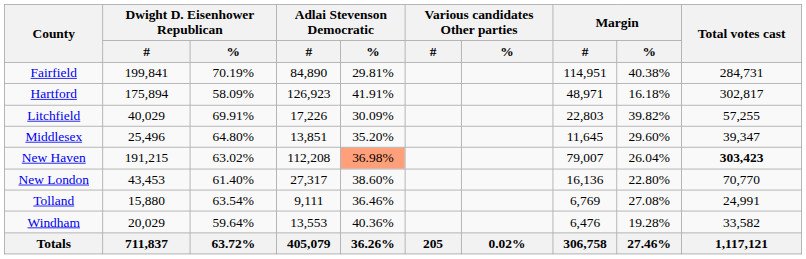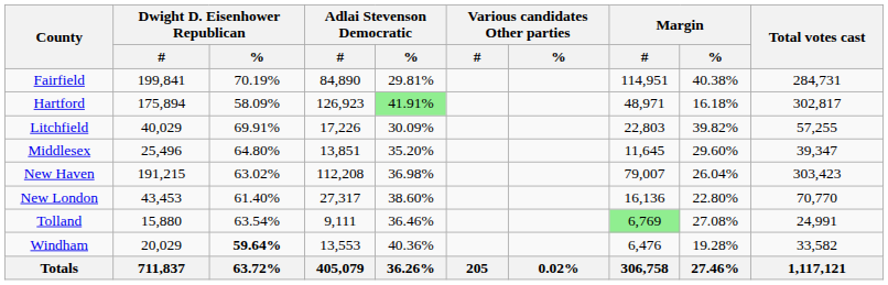 <table width="60%"  class="wikitable sortable" style="text-align:center">
 <tr>
 <th style="text-align:center;" rowspan="2">County</th>
 <th style="text-align:center;" colspan="2">Dwight D. Eisenhower<br>Republican</th>
 <th style="text-align:center;" colspan="2">Adlai Stevenson<br>Democratic</th>
 <th style="text-align:center;" colspan="2">Various candidates<br>Other parties</th>
 <th style="text-align:center;" colspan="2">Margin</th>
 <th style="text-align:center;" rowspan="2">Total votes cast</th>
 </tr>
 <tr>
 <th style="text-align:center;" data-sort-type="number">#</th>
 <th style="text-align:center;" data-sort-type="number">%</th>
 <th style="text-align:center;" data-sort-type="number">#</th>
 <th style="text-align:center;" data-sort-type="number">%</th>
 <th style="text-align:center;" data-sort-type="number">#</th>
 <th style="text-align:center;" data-sort-type="number">%</th>
 <th style="text-align:center;" data-sort-type="number">#</th>
 <th style="text-align:center;" data-sort-type="number">%</th>
 </tr>
 <tr style="text-align:center;">
 <td><a href='#'>Fairfield</a></td>
 <td>199,841</td>
 <td>70.19%</td>
 <td>84,890</td>
 <td>29.81%</td>
 <td></td>
 <td></td>
 <td>114,951</td>
 <td>40.38%</td>
 <td>284,731</td>
 </tr>
 <tr style="text-align:center;">
 <td><a href='#'>Hartford</a></td>
 <td>175,894</td>
 <td>58.09%</td>
 <td>126,923</td>
-<td>41.91%</td>
+<td style="background: lightgreen;">41.91%</td>
 <td></td>
 <td></td>
 <td>48,971</td>
 <td>16.18%</td>
 <td>302,817</td>
 </tr>
 <tr style="text-align:center;">
 <td><a href='#'>Litchfield</a></td>
 <td>40,029</td>
 <td>69.91%</td>
 <td>17,226</td>
 <td>30.09%</td>
 <td></td>
 <td></td>
 <td>22,803</td>
 <td>39.82%</td>
 <td>57,255</td>
 </tr>
 <tr style="text-align:center;">
 <td><a href='#'>Middlesex</a></td>
 <td>25,496</td>
 <td>64.80%</td>
 <td>13,851</td>
 <td>35.20%</td>
 <td></td>
 <td></td>
 <td>11,645</td>
 <td>29.60%</td>
 <td>39,347</td>
 </tr>
 <tr style="text-align:center;">
 <td><a href='#'>New Haven</a></td>
 <td>191,215</td>
 <td>63.02%</td>
 <td>112,208</td>
-<td style="background: lightsalmon;">36.98%</td>
+<td>36.98%</td>
 <td></td>
 <td></td>
 <td>79,007</td>
 <td>26.04%</td>
-<td><strong>303,423</strong></td>
+<td>303,423</td>
 </tr>
 <tr style="text-align:center;">
 <td><a href='#'>New London</a></td>
 <td>43,453</td>
 <td>61.40%</td>
 <td>27,317</td>
 <td>38.60%</td>
 <td></td>
 <td></td>
 <td>16,136</td>
 <td>22.80%</td>
 <td>70,770</td>
 </tr>
 <tr style="text-align:center;">
 <td><a href='#'>Tolland</a></td>
 <td>15,880</td>
 <td>63.54%</td>
 <td>9,111</td>
 <td>36.46%</td>
 <td></td>
 <td></td>
-<td>6,769</td>
+<td style="background: lightgreen;">6,769</td>
 <td>27.08%</td>
 <td>24,991</td>
 </tr>
 <tr style="text-align:center;">
 <td><a href='#'>Windham</a></td>
 <td>20,029</td>
-<td>59.64%</td>
+<td><strong>59.64%</strong></td>
 <td>13,553</td>
 <td>40.36%</td>
 <td></td>
 <td></td>
 <td>6,476</td>
 <td>19.28%</td>
 <td>33,582</td>
 </tr>
 <tr>
 <th>Totals</th>
 <th>711,837</th>
 <th>63.72%</th>
 <th>405,079</th>
 <th>36.26%</th>
 <th>205</th>
 <th>0.02%</th>
 <th>306,758</th>
 <th>27.46%</th>
 <th>1,117,121</th>
 </tr>
 </table>
